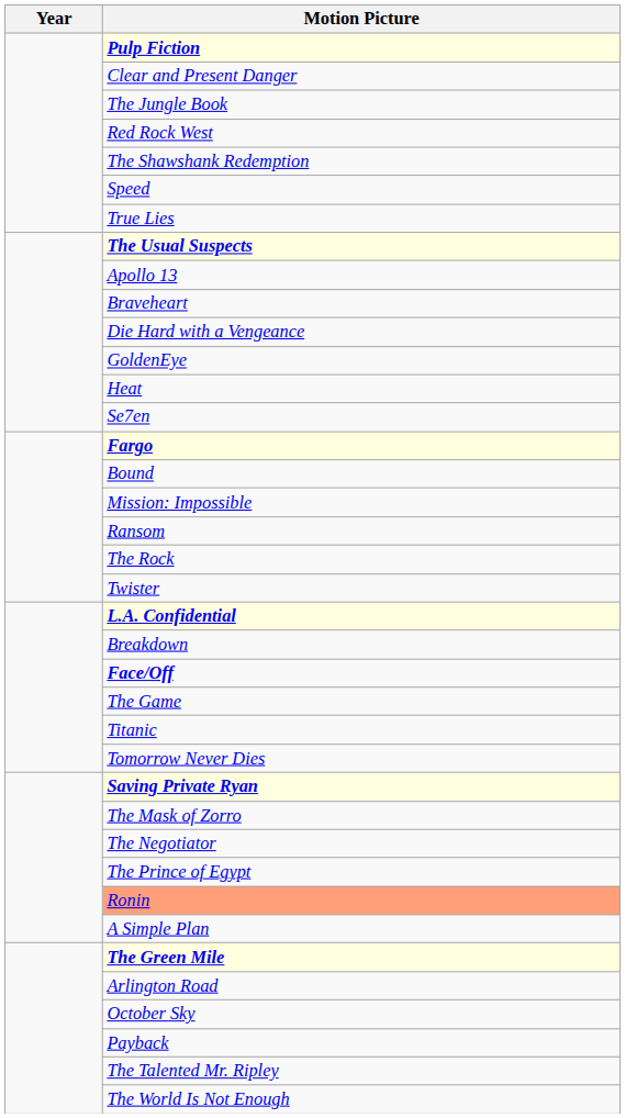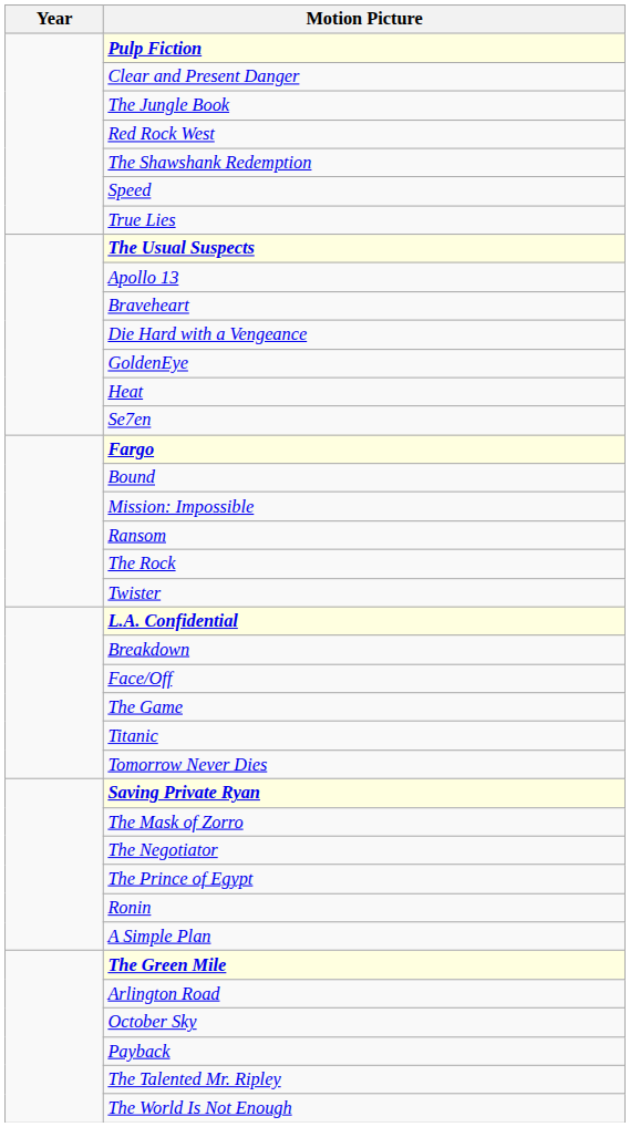 <table class="wikitable" width="550px" border="1" cellpadding="5" cellspacing="0" align="centre">
 <tr>
 <th width="80px">Year</th>
 <th>Motion Picture</th>
 </tr>
 <tr>
 <td rowspan=7></td>
 <td style="background:lightyellow"><strong><em><a href='#'>Pulp Fiction</a></em></strong></td>
 </tr>
 <tr>
 <td><em><a href='#'>Clear and Present Danger</a></em></td>
 </tr>
 <tr>
 <td><em><a href='#'>The Jungle Book</a></em></td>
 </tr>
 <tr>
 <td><em><a href='#'>Red Rock West</a></em></td>
 </tr>
 <tr>
 <td><em><a href='#'>The Shawshank Redemption</a></em></td>
 </tr>
 <tr>
 <td><em><a href='#'>Speed</a></em></td>
 </tr>
 <tr>
 <td><em><a href='#'>True Lies</a></em></td>
 </tr>
 <tr>
 <td rowspan=7></td>
 <td style="background:lightyellow"><strong><em><a href='#'>The Usual Suspects</a></em></strong></td>
 </tr>
 <tr>
 <td><em><a href='#'>Apollo 13</a></em></td>
 </tr>
 <tr>
 <td><em><a href='#'>Braveheart</a></em></td>
 </tr>
 <tr>
 <td><em><a href='#'>Die Hard with a Vengeance</a></em></td>
 </tr>
 <tr>
 <td><em><a href='#'>GoldenEye</a></em></td>
 </tr>
 <tr>
 <td><em><a href='#'>Heat</a></em></td>
 </tr>
 <tr>
 <td><em><a href='#'>Se7en</a></em></td>
 </tr>
 <tr>
 <td rowspan=6></td>
 <td style="background:lightyellow"><strong><em><a href='#'>Fargo</a></em></strong></td>
 </tr>
 <tr>
 <td><em><a href='#'>Bound</a></em></td>
 </tr>
 <tr>
 <td><em><a href='#'>Mission: Impossible</a></em></td>
 </tr>
 <tr>
 <td><em><a href='#'>Ransom</a></em></td>
 </tr>
 <tr>
 <td><em><a href='#'>The Rock</a></em></td>
 </tr>
 <tr>
 <td><em><a href='#'>Twister</a></em></td>
 </tr>
 <tr>
 <td rowspan=6></td>
 <td style="background:lightyellow"><strong><em><a href='#'>L.A. Confidential</a></em></strong></td>
 </tr>
 <tr>
 <td><em><a href='#'>Breakdown</a></em></td>
 </tr>
 <tr>
-<td><strong><em><a href='#'>Face/Off</a></em></strong></td>
+<td><em><a href='#'>Face/Off</a></em></td>
 </tr>
 <tr>
 <td><em><a href='#'>The Game</a></em></td>
 </tr>
 <tr>
 <td><em><a href='#'>Titanic</a></em></td>
 </tr>
 <tr>
 <td><em><a href='#'>Tomorrow Never Dies</a></em></td>
 </tr>
 <tr>
 <td rowspan=6></td>
 <td style="background:lightyellow"><strong><em><a href='#'>Saving Private Ryan</a></em></strong></td>
 </tr>
 <tr>
 <td><em><a href='#'>The Mask of Zorro</a></em></td>
 </tr>
 <tr>
 <td><em><a href='#'>The Negotiator</a></em></td>
 </tr>
 <tr>
 <td><em><a href='#'>The Prince of Egypt</a></em></td>
 </tr>
 <tr>
-<td style="background: lightsalmon;"><em><a href='#'>Ronin</a></em></td>
+<td><em><a href='#'>Ronin</a></em></td>
 </tr>
 <tr>
 <td><em><a href='#'>A Simple Plan</a></em></td>
 </tr>
 <tr>
 <td rowspan=6></td>
 <td style="background:lightyellow"><strong><em><a href='#'>The Green Mile</a></em></strong></td>
 </tr>
 <tr>
 <td><em><a href='#'>Arlington Road</a></em></td>
 </tr>
 <tr>
 <td><em><a href='#'>October Sky</a></em></td>
 </tr>
 <tr>
 <td><em><a href='#'>Payback</a></em></td>
 </tr>
 <tr>
 <td><em><a href='#'>The Talented Mr. Ripley</a></em></td>
 </tr>
 <tr>
 <td><em><a href='#'>The World Is Not Enough</a></em></td>
 </tr>
 </table>
